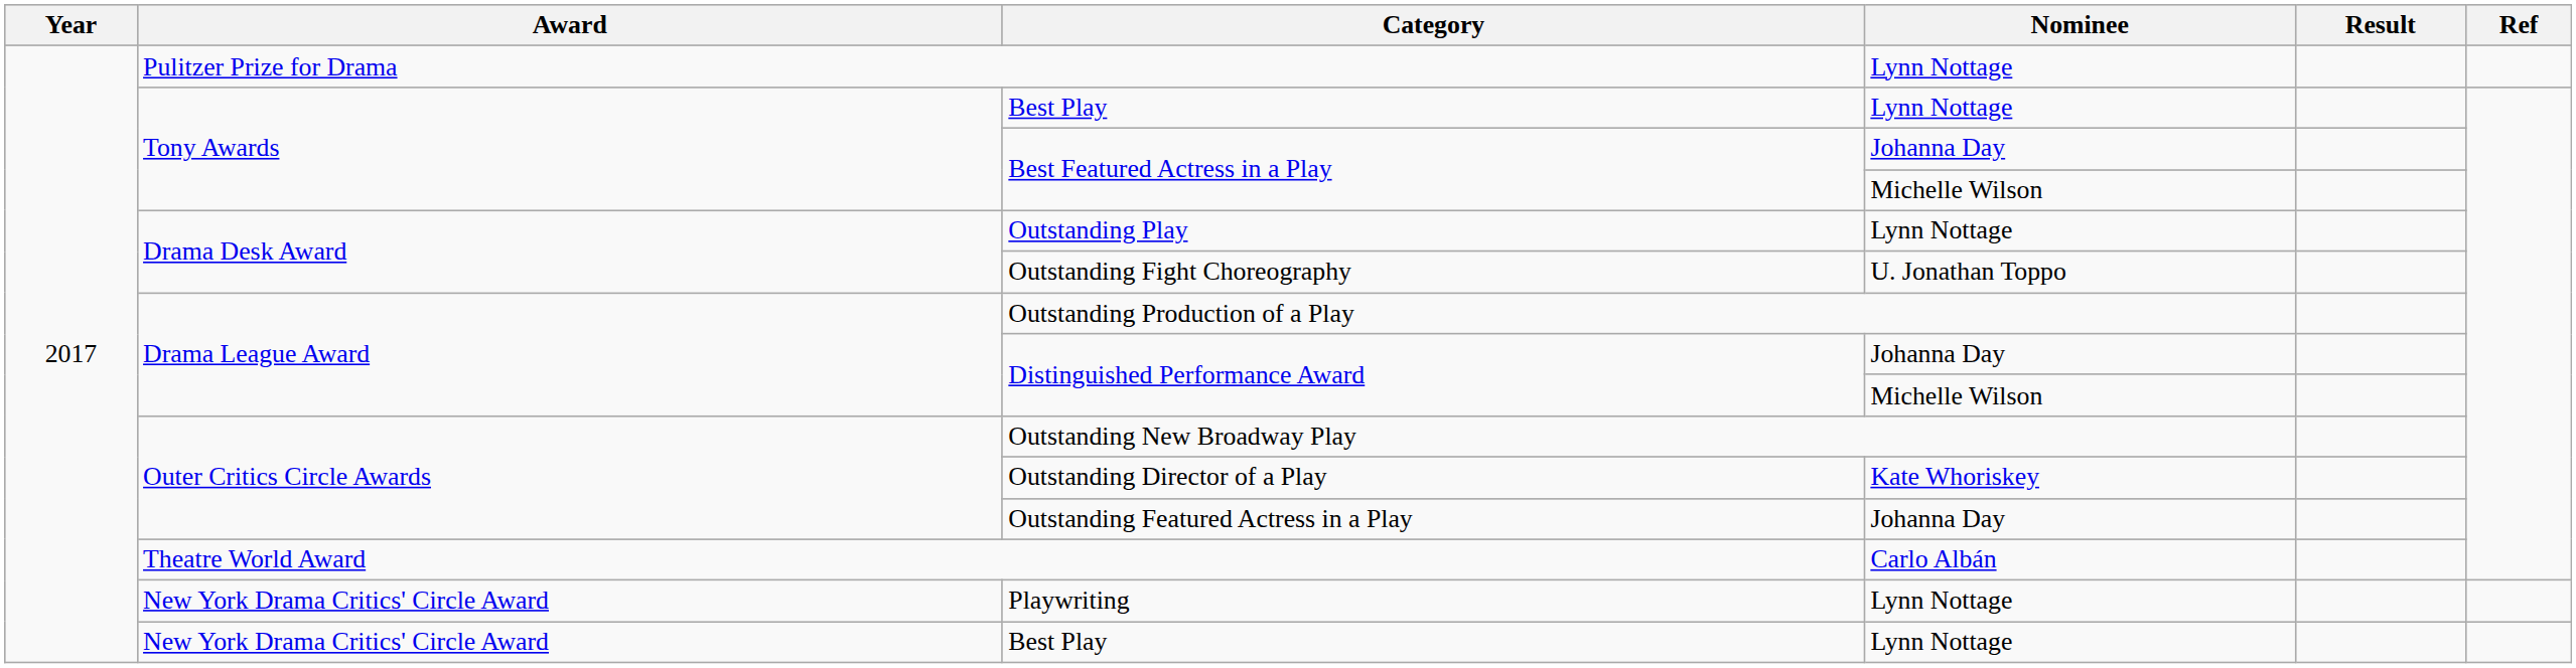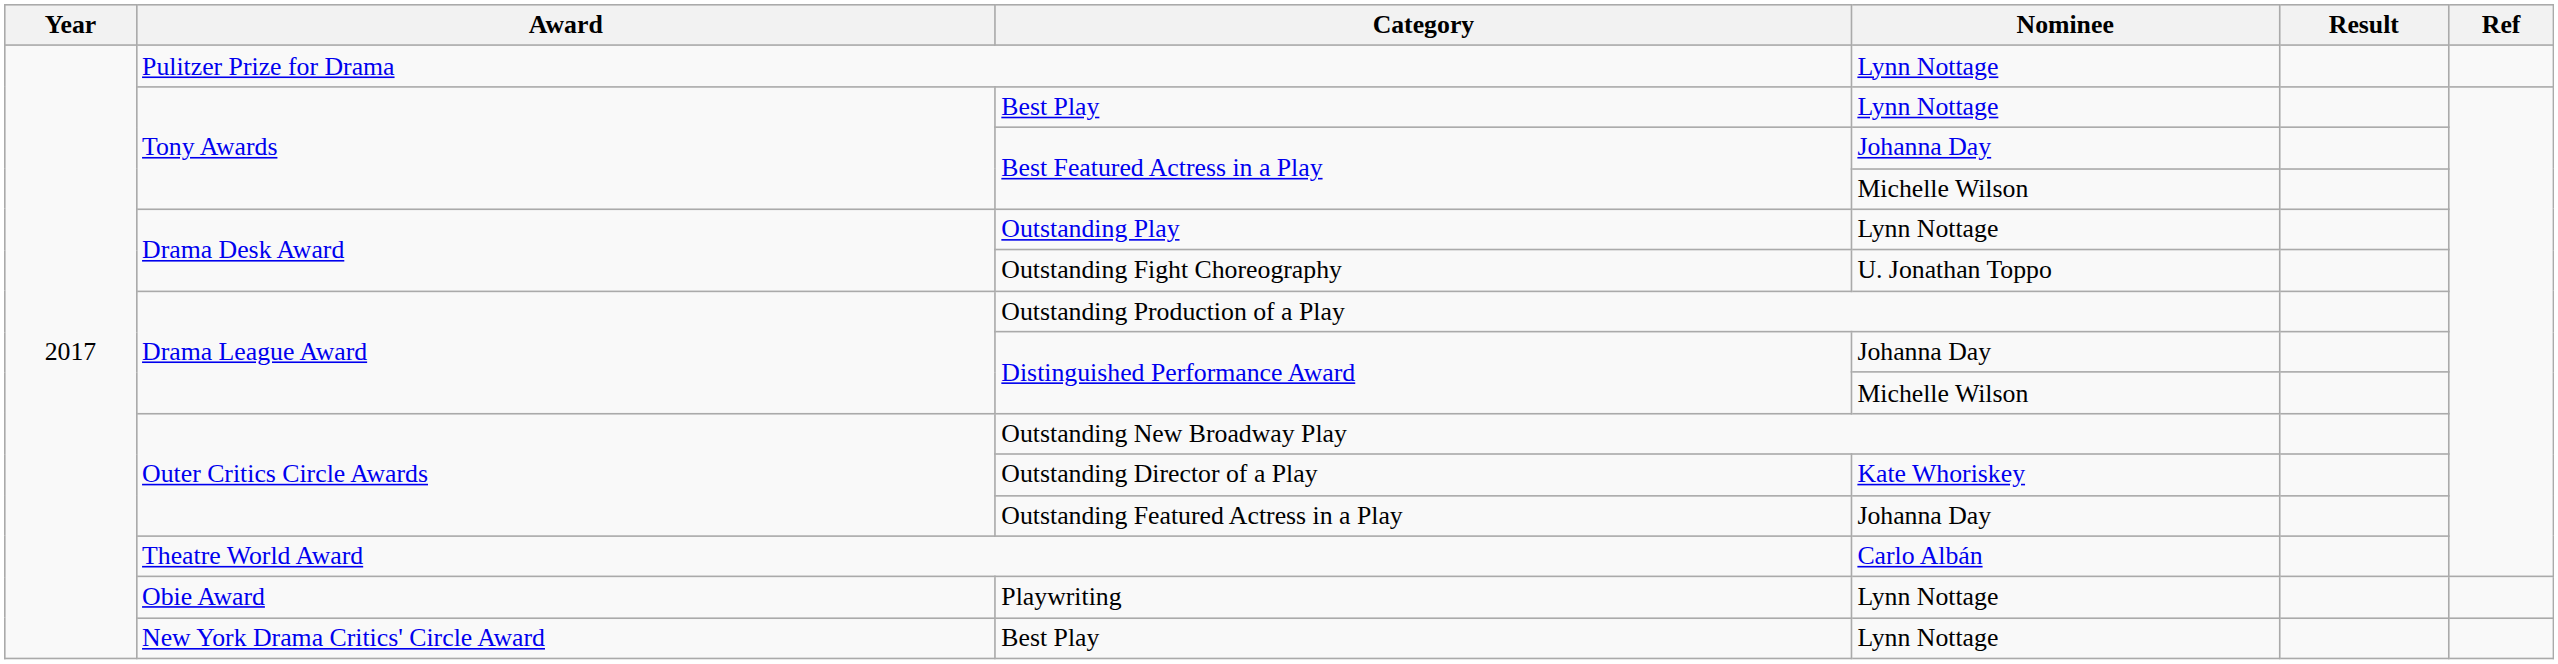 <table class="wikitable" style="width: 100%;">
 <tr>
 <th>Year</th>
 <th>Award</th>
 <th>Category</th>
 <th>Nominee</th>
 <th>Result</th>
 <th>Ref</th>
 </tr>
 <tr>
 <td rowspan="15" align="center">2017</td>
 <td colspan="2"><a href='#'>Pulitzer Prize for Drama</a></td>
 <td><a href='#'>Lynn Nottage</a></td>
 <td></td>
 <td align="center"></td>
 </tr>
 <tr>
 <td rowspan="3"><a href='#'>Tony Awards</a></td>
 <td><a href='#'>Best Play</a></td>
 <td><a href='#'>Lynn Nottage</a></td>
 <td></td>
 <td rowspan="12" align="center"></td>
 </tr>
 <tr>
 <td rowspan="2"><a href='#'>Best Featured Actress in a Play</a></td>
 <td><a href='#'>Johanna Day</a></td>
 <td></td>
 </tr>
 <tr>
 <td>Michelle Wilson</td>
 <td></td>
 </tr>
 <tr>
 <td rowspan="2"><a href='#'>Drama Desk Award</a></td>
 <td><a href='#'>Outstanding Play</a></td>
 <td>Lynn Nottage</td>
 <td></td>
 </tr>
 <tr>
 <td>Outstanding Fight Choreography</td>
 <td>U. Jonathan Toppo</td>
 <td></td>
 </tr>
 <tr>
 <td rowspan="3"><a href='#'>Drama League Award</a></td>
 <td colspan="2">Outstanding Production of a Play</td>
 <td></td>
 </tr>
 <tr>
 <td rowspan="2"><a href='#'>Distinguished Performance Award</a></td>
 <td>Johanna Day</td>
 <td></td>
 </tr>
 <tr>
 <td>Michelle Wilson</td>
 <td></td>
 </tr>
 <tr>
 <td rowspan="3"><a href='#'>Outer Critics Circle Awards</a></td>
 <td colspan="2">Outstanding New Broadway Play</td>
 <td></td>
 </tr>
 <tr>
 <td>Outstanding Director of a Play</td>
 <td><a href='#'>Kate Whoriskey</a></td>
 <td></td>
 </tr>
 <tr>
 <td>Outstanding Featured Actress in a Play</td>
 <td>Johanna Day</td>
 <td></td>
 </tr>
 <tr>
 <td colspan= "2"><a href='#'>Theatre World Award</a></td>
 <td><a href='#'>Carlo Albán</a></td>
 <td></td>
 </tr>
 <tr>
-<td><a href='#'>New York Drama Critics' Circle Award</a></td>
+<td><a href='#'>Obie Award</a></td>
 <td>Playwriting</td>
 <td>Lynn Nottage</td>
 <td></td>
 <td align="center"></td>
 </tr>
 <tr>
 <td><a href='#'>New York Drama Critics' Circle Award</a></td>
 <td>Best Play</td>
 <td>Lynn Nottage</td>
 <td></td>
 <td align="center"></td>
 </tr>
 </table>
